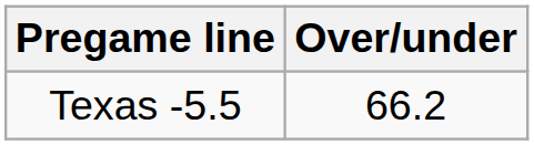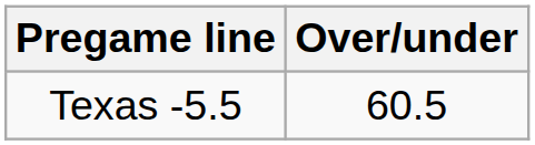 <table class="wikitable" style="margin-left: auto; margin-right: auto; border: none; display: inline-table;">
 <tr align="center">
 <th style=>Pregame line</th>
 <th style=>Over/under</th>
 </tr>
 <tr align="center">
 <td>Texas -5.5</td>
-<td>66.2</td>
+<td>60.5</td>
 </tr>
 </table>
